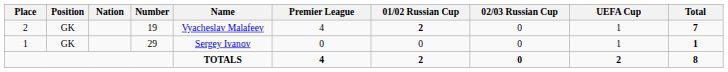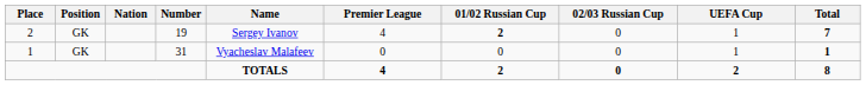 <table class="wikitable" style="font-size: 95%; text-align: center;">
 <tr>
 <th width=60>Place</th>
 <th width=60>Position</th>
 <th width=60>Nation</th>
 <th width=60>Number</th>
 <th width=150>Name</th>
 <th width=150>Premier League</th>
 <th width=150>01/02 Russian Cup</th>
 <th width=150>02/03 Russian Cup</th>
 <th width=150>UEFA Cup</th>
 <th width=80><strong>Total</strong></th>
 </tr>
 <tr>
 <td>2</td>
 <td>GK</td>
 <td></td>
 <td>19</td>
-<td><a href='#'>Vyacheslav Malafeev</a></td>
+<td><a href='#'>Sergey Ivanov</a></td>
 <td>4</td>
 <td><strong>2</strong></td>
 <td>0</td>
 <td>1</td>
 <td><strong>7</strong></td>
 </tr>
 <tr>
 <td>1</td>
 <td>GK</td>
 <td></td>
-<td>29</td>
-<td><a href='#'>Sergey Ivanov</a></td>
+<td>31</td>
+<td><a href='#'>Vyacheslav Malafeev</a></td>
 <td>0</td>
 <td>0</td>
 <td>0</td>
 <td>1</td>
 <td><strong>1</strong></td>
 </tr>
 <tr>
 <td colspan="4"></td>
 <td><strong>TOTALS</strong></td>
 <td><strong>4</strong></td>
 <td><strong>2</strong></td>
 <td><strong>0</strong></td>
 <td><strong>2</strong></td>
 <td><strong>8</strong></td>
 </tr>
 </table>
